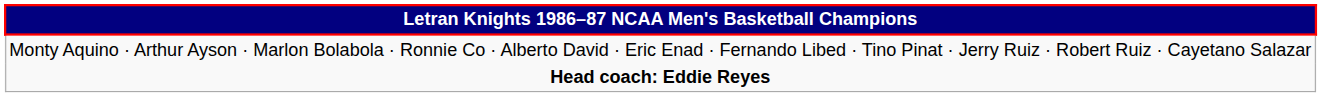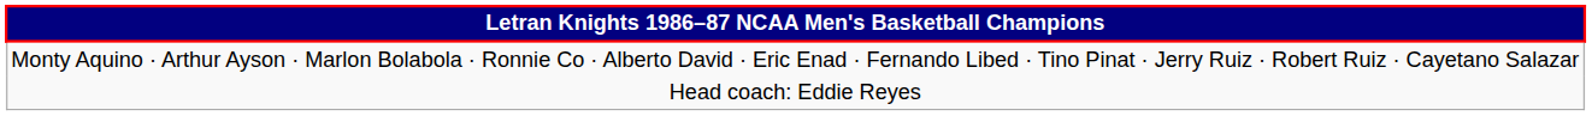 <table class="wikitable" style="text-align: center">
 <tr>
 <th style = "background:#020080; border:2px solid red; color:white">Letran Knights 1986–87 NCAA Men's Basketball Champions</th>
 </tr>
 <tr>
 <td style="border-style: none none none none;">Monty Aquino · Arthur Ayson · Marlon Bolabola · Ronnie Co · Alberto David · Eric Enad · Fernando Libed · Tino Pinat · Jerry Ruiz · Robert Ruiz · Cayetano Salazar</td>
 </tr>
 <tr>
-<td style="border-style: none none none none;"><strong>Head coach: Eddie Reyes</strong></td>
+<td style="border-style: none none none none;">Head coach: Eddie Reyes</td>
 </tr>
 </table>
